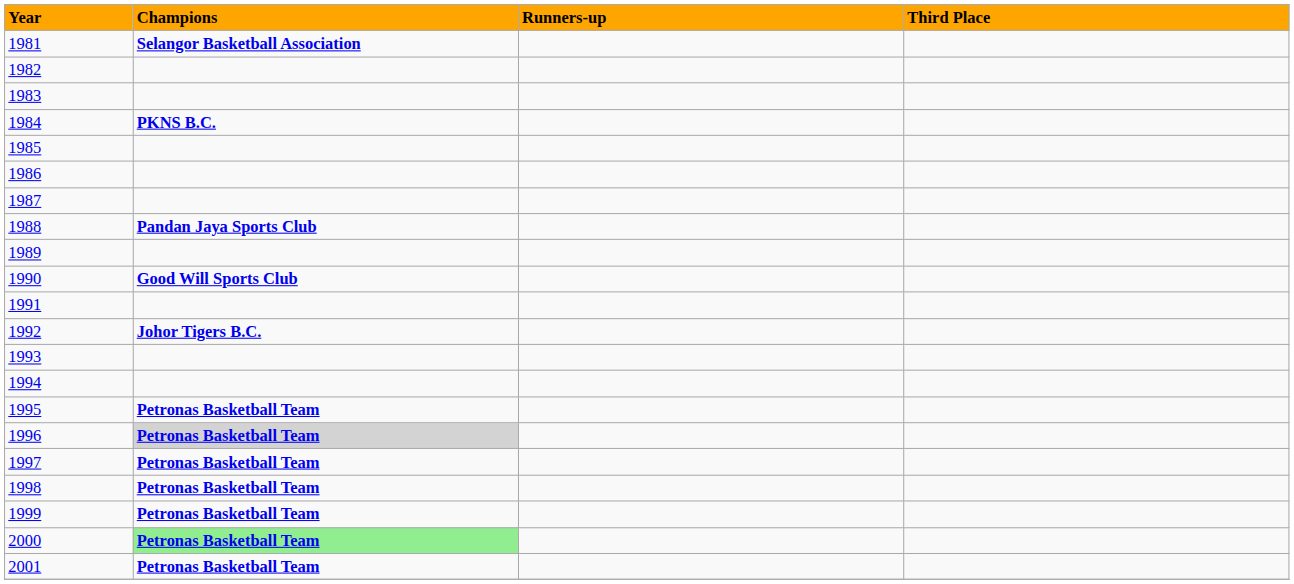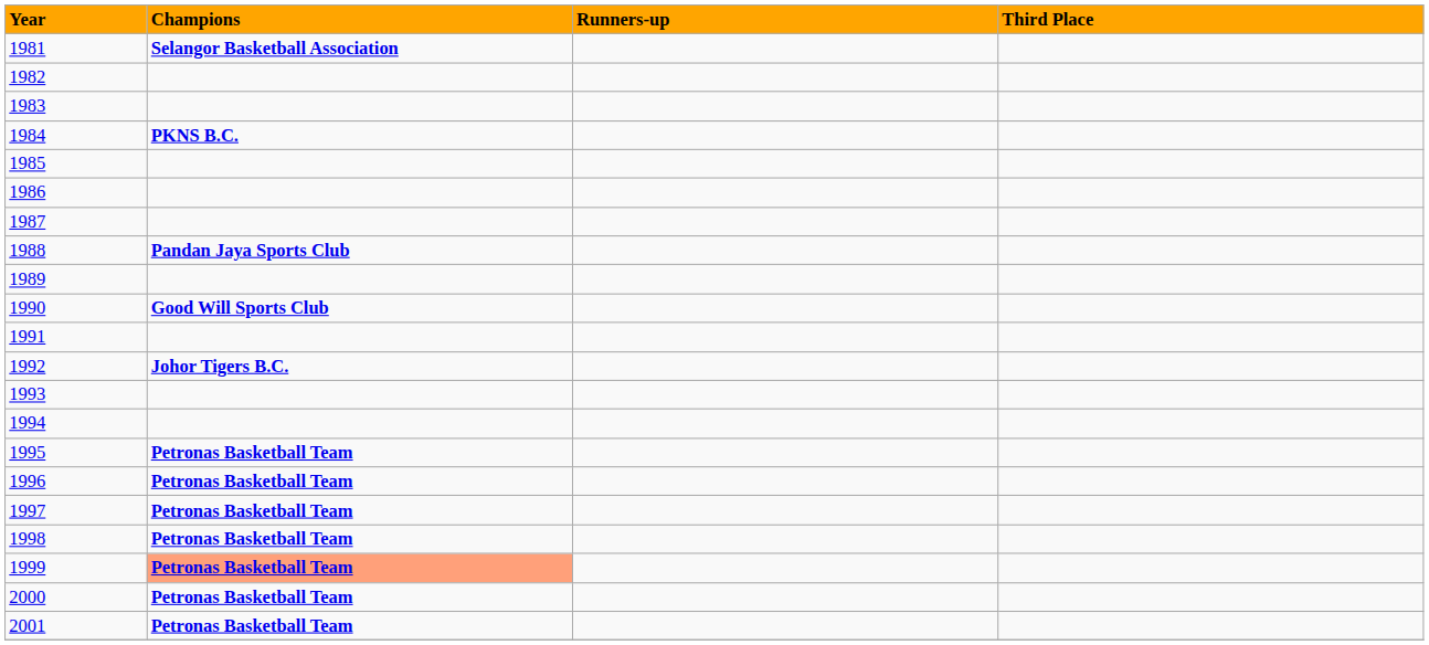 <table class="wikitable">
 <tr bgcolor=#ffa500 style="vertical-align: middle;">
 <td width=5%><strong>Year</strong></td>
 <td width=15%><strong>Champions</strong></td>
 <td width=15%><strong>Runners-up</strong></td>
 <td width=15%><strong>Third Place</strong></td>
 </tr>
 <tr>
 <td><a href='#'>1981</a></td>
 <td> <strong><a href='#'>Selangor Basketball Association</a></strong></td>
 <td></td>
 <td></td>
 </tr>
 <tr>
 <td><a href='#'>1982</a></td>
 <td></td>
 <td></td>
 <td></td>
 </tr>
 <tr>
 <td><a href='#'>1983</a></td>
 <td></td>
 <td></td>
 <td></td>
 </tr>
 <tr>
 <td><a href='#'>1984</a></td>
 <td> <strong><a href='#'>PKNS B.C.</a></strong></td>
 <td></td>
 <td></td>
 </tr>
 <tr>
 <td><a href='#'>1985</a></td>
 <td></td>
 <td></td>
 <td></td>
 </tr>
 <tr>
 <td><a href='#'>1986</a></td>
 <td></td>
 <td></td>
 <td></td>
 </tr>
 <tr>
 <td><a href='#'>1987</a></td>
 <td></td>
 <td></td>
 <td></td>
 </tr>
 <tr>
 <td><a href='#'>1988</a></td>
 <td> <strong><a href='#'>Pandan Jaya Sports Club</a></strong></td>
 <td></td>
 <td></td>
 </tr>
 <tr>
 <td><a href='#'>1989</a></td>
 <td></td>
 <td></td>
 <td></td>
 </tr>
 <tr>
 <td><a href='#'>1990</a></td>
 <td> <strong><a href='#'>Good Will Sports Club</a></strong></td>
 <td></td>
 <td></td>
 </tr>
 <tr>
 <td><a href='#'>1991</a></td>
 <td></td>
 <td></td>
 <td></td>
 </tr>
 <tr>
 <td><a href='#'>1992</a></td>
 <td> <strong><a href='#'>Johor Tigers B.C.</a></strong></td>
 <td></td>
 <td></td>
 </tr>
 <tr>
 <td><a href='#'>1993</a></td>
 <td></td>
 <td></td>
 <td></td>
 </tr>
 <tr>
 <td><a href='#'>1994</a></td>
 <td></td>
 <td></td>
 <td></td>
 </tr>
 <tr>
 <td><a href='#'>1995</a></td>
 <td> <strong><a href='#'>Petronas Basketball Team</a></strong></td>
 <td></td>
 <td></td>
 </tr>
 <tr>
 <td><a href='#'>1996</a></td>
-<td style="background: lightgrey;"> <strong><a href='#'>Petronas Basketball Team</a></strong></td>
+<td> <strong><a href='#'>Petronas Basketball Team</a></strong></td>
 <td></td>
 <td></td>
 </tr>
 <tr>
 <td><a href='#'>1997</a></td>
 <td> <strong><a href='#'>Petronas Basketball Team</a></strong></td>
 <td></td>
 <td></td>
 </tr>
 <tr>
 <td><a href='#'>1998</a></td>
 <td> <strong><a href='#'>Petronas Basketball Team</a></strong></td>
 <td></td>
 <td></td>
 </tr>
 <tr>
 <td><a href='#'>1999</a></td>
-<td> <strong><a href='#'>Petronas Basketball Team</a></strong></td>
+<td style="background: lightsalmon;"> <strong><a href='#'>Petronas Basketball Team</a></strong></td>
 <td></td>
 <td></td>
 </tr>
 <tr>
 <td><a href='#'>2000</a></td>
-<td style="background: lightgreen;"> <strong><a href='#'>Petronas Basketball Team</a></strong></td>
+<td> <strong><a href='#'>Petronas Basketball Team</a></strong></td>
 <td></td>
 <td></td>
 </tr>
 <tr>
 <td><a href='#'>2001</a></td>
 <td> <strong><a href='#'>Petronas Basketball Team</a></strong></td>
 <td></td>
 <td></td>
 </tr>
 <tr>
 </tr>
 </table>
